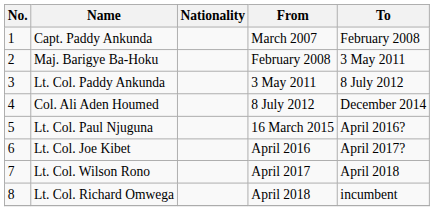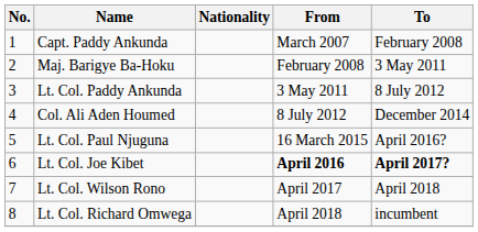 <table class="wikitable" style="font-size:90%; text-align:left;">
 <tr>
 <th>No.</th>
 <th>Name</th>
 <th>Nationality</th>
 <th>From</th>
 <th>To</th>
 </tr>
 <tr>
 <td>1</td>
 <td>Capt. Paddy Ankunda</td>
 <td></td>
 <td>March 2007</td>
 <td>February 2008</td>
 </tr>
 <tr>
 <td>2</td>
 <td>Maj. Barigye Ba-Hoku</td>
 <td></td>
 <td>February 2008</td>
 <td>3 May 2011</td>
 </tr>
 <tr>
 <td>3</td>
 <td>Lt. Col. Paddy Ankunda</td>
 <td></td>
 <td>3 May 2011</td>
 <td>8 July 2012</td>
 </tr>
 <tr>
 <td>4</td>
 <td>Col. Ali Aden Houmed</td>
 <td></td>
 <td>8 July 2012</td>
 <td>December 2014</td>
 </tr>
 <tr>
 <td>5</td>
 <td>Lt. Col. Paul Njuguna</td>
 <td></td>
 <td>16 March 2015</td>
 <td>April 2016?</td>
 </tr>
 <tr>
 <td>6</td>
 <td>Lt. Col. Joe Kibet</td>
 <td></td>
-<td>April 2016</td>
-<td>April 2017?</td>
+<td><strong>April 2016</strong></td>
+<td><strong>April 2017?</strong></td>
 </tr>
 <tr>
 <td>7</td>
 <td>Lt. Col. Wilson Rono</td>
 <td></td>
 <td>April 2017</td>
 <td>April 2018</td>
 </tr>
 <tr>
 <td>8</td>
 <td>Lt. Col. Richard Omwega</td>
 <td></td>
 <td>April 2018</td>
 <td>incumbent</td>
 </tr>
 <tr>
 </tr>
 </table>
